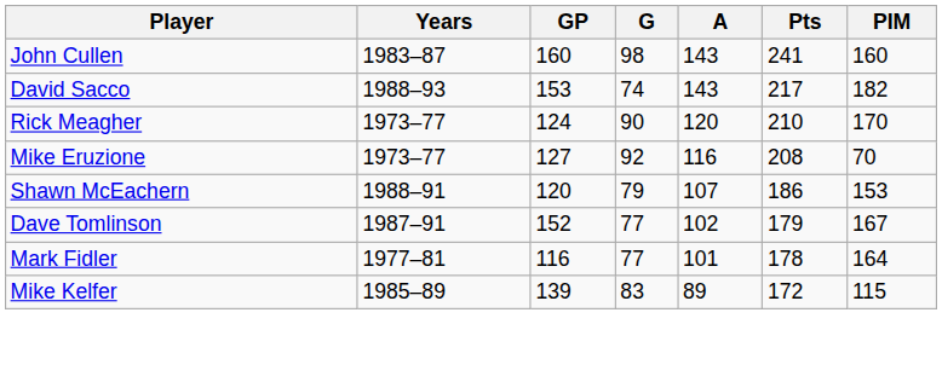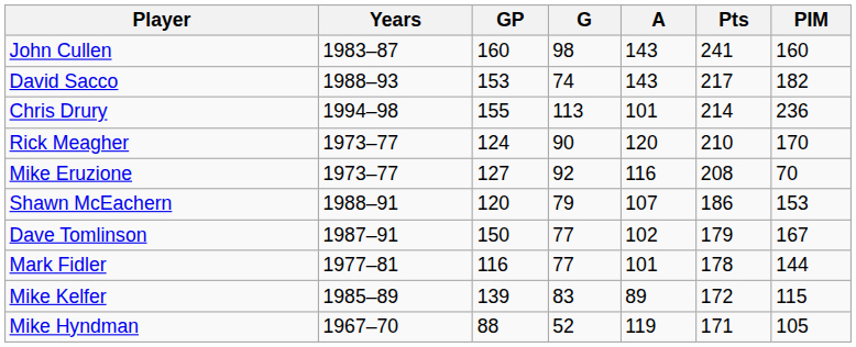 <table class="wikitable sortable" width ="700">
 <tr>
 <th><strong>Player</strong></th>
 <th><strong>Years</strong></th>
 <th><strong>GP</strong></th>
 <th><strong>G</strong></th>
 <th><strong>A</strong></th>
 <th><strong>Pts</strong></th>
 <th><strong>PIM</strong></th>
 </tr>
 <tr>
 <td><a href='#'>John Cullen</a></td>
 <td>1983–87</td>
 <td>160</td>
 <td>98</td>
 <td>143</td>
 <td>241</td>
 <td>160</td>
 </tr>
 <tr>
 <td><a href='#'>David Sacco</a></td>
 <td>1988–93</td>
 <td>153</td>
 <td>74</td>
 <td>143</td>
 <td>217</td>
 <td>182</td>
+</tr>
+<tr>
+<td><a href='#'>Chris Drury</a></td>
+<td>1994–98</td>
+<td>155</td>
+<td>113</td>
+<td>101</td>
+<td>214</td>
+<td>236</td>
 </tr>
 <tr>
 <td><a href='#'>Rick Meagher</a></td>
 <td>1973–77</td>
 <td>124</td>
 <td>90</td>
 <td>120</td>
 <td>210</td>
 <td>170</td>
 </tr>
 <tr>
 <td><a href='#'>Mike Eruzione</a></td>
 <td>1973–77</td>
 <td>127</td>
 <td>92</td>
 <td>116</td>
 <td>208</td>
 <td>70</td>
 </tr>
 <tr>
 <td><a href='#'>Shawn McEachern</a></td>
 <td>1988–91</td>
 <td>120</td>
 <td>79</td>
 <td>107</td>
 <td>186</td>
 <td>153</td>
 </tr>
 <tr>
 <td><a href='#'>Dave Tomlinson</a></td>
 <td>1987–91</td>
-<td>152</td>
+<td>150</td>
 <td>77</td>
 <td>102</td>
 <td>179</td>
 <td>167</td>
 </tr>
 <tr>
 <td><a href='#'>Mark Fidler</a></td>
 <td>1977–81</td>
 <td>116</td>
 <td>77</td>
 <td>101</td>
 <td>178</td>
-<td>164</td>
+<td>144</td>
 </tr>
 <tr>
 <td><a href='#'>Mike Kelfer</a></td>
 <td>1985–89</td>
 <td>139</td>
 <td>83</td>
 <td>89</td>
 <td>172</td>
 <td>115</td>
 </tr>
+<tr>
+<td><a href='#'>Mike Hyndman</a></td>
+<td>1967–70</td>
+<td>88</td>
+<td>52</td>
+<td>119</td>
+<td>171</td>
+<td>105</td>
+</tr>
 </table>
